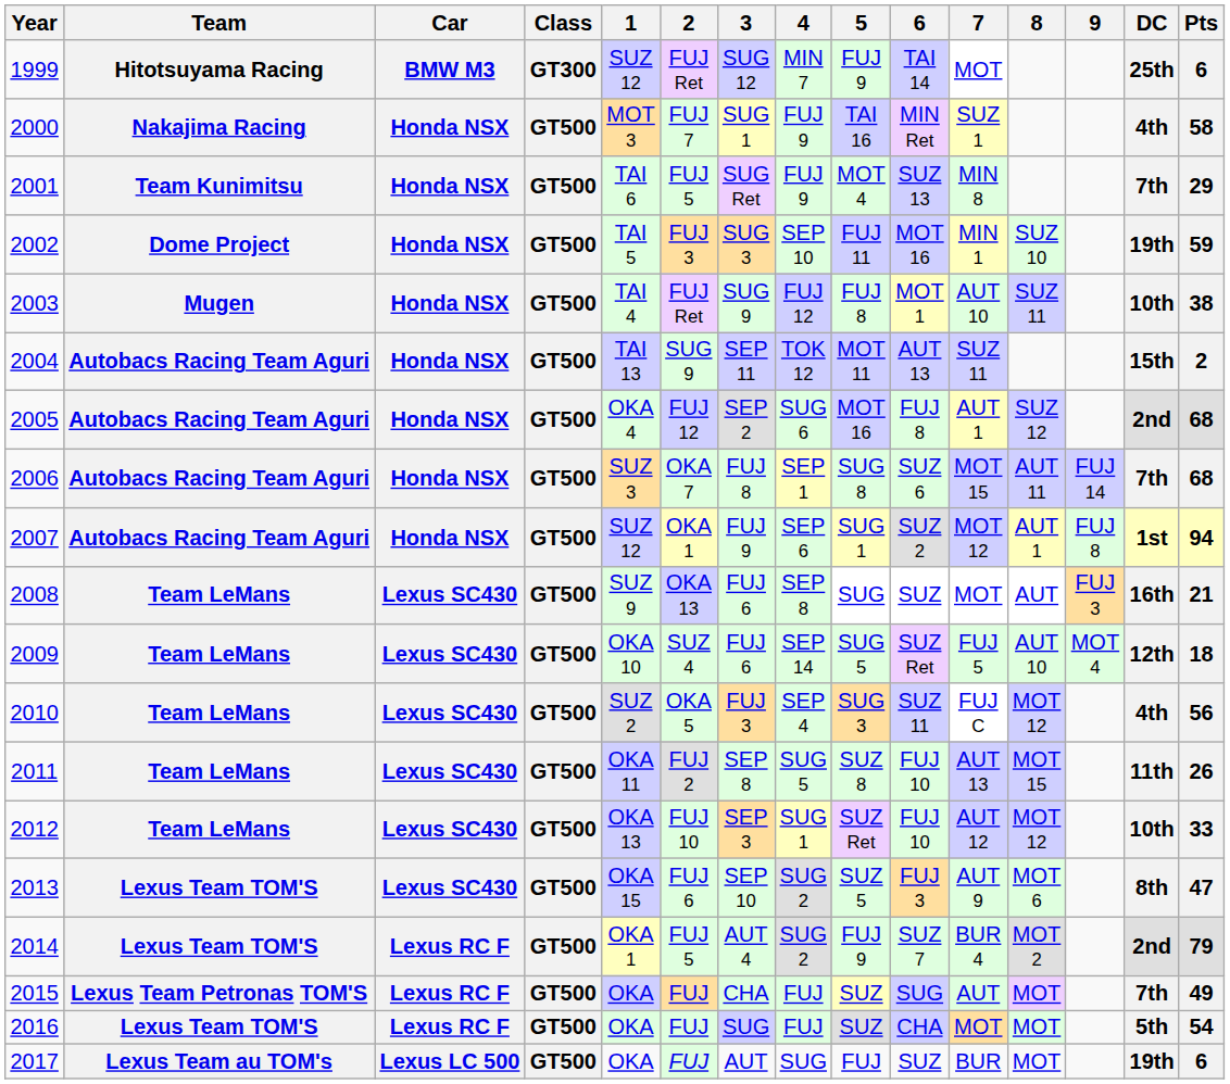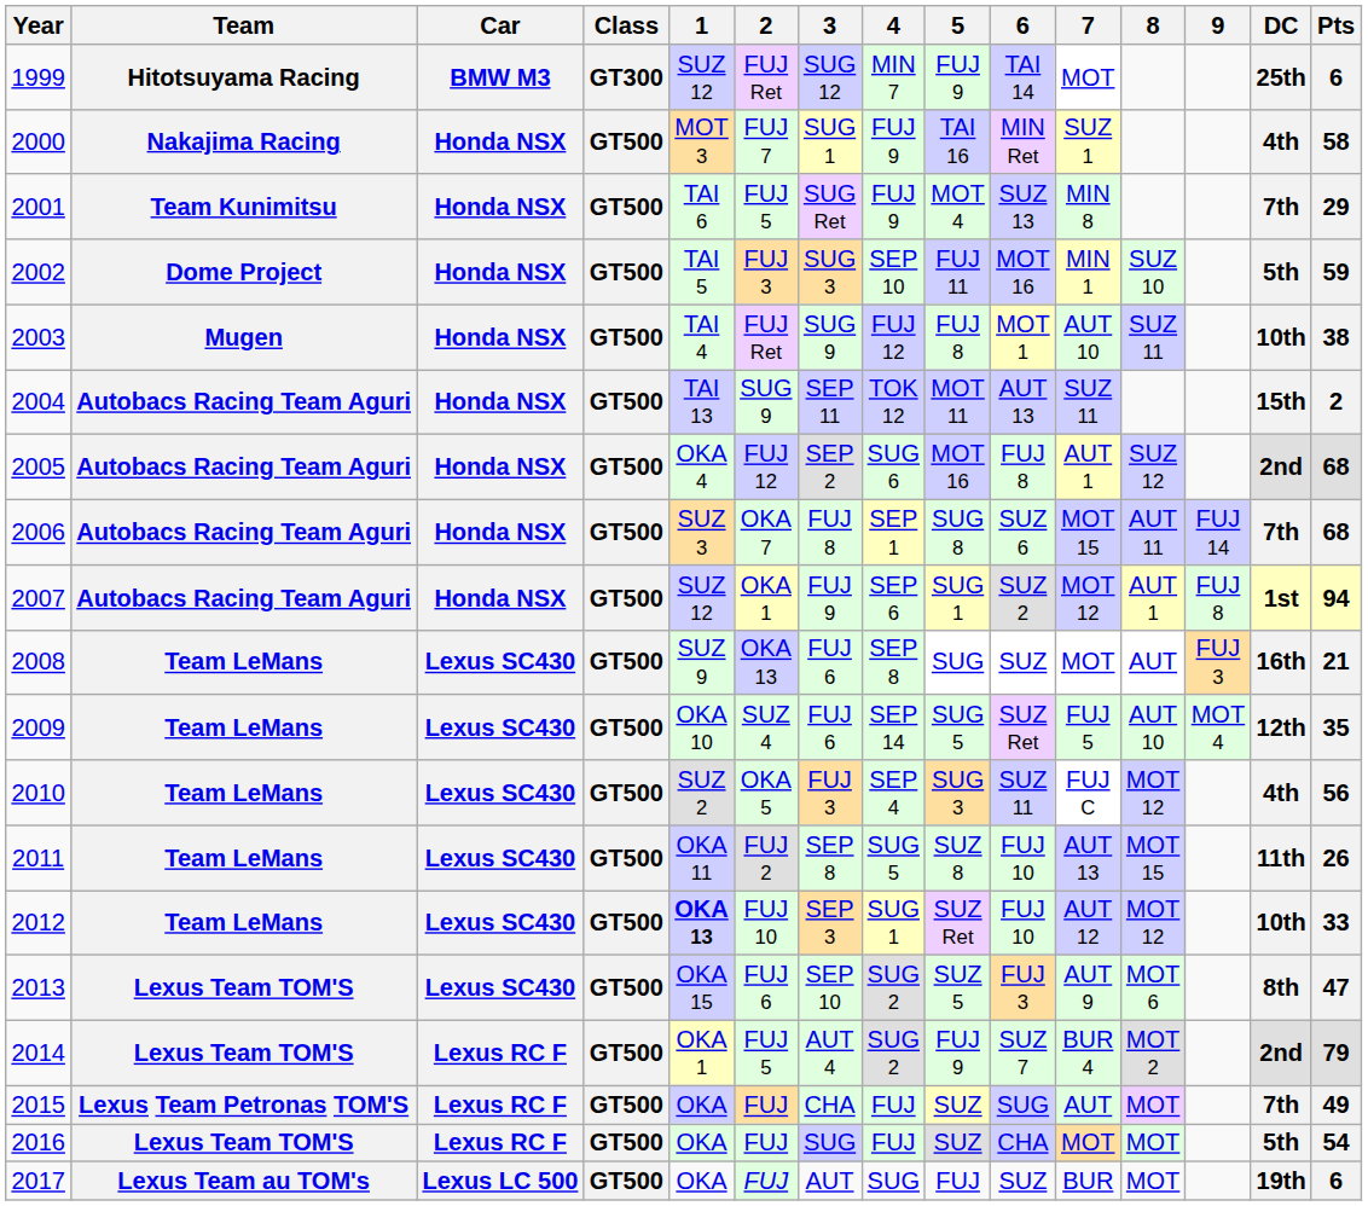 <table class="wikitable" style="text-align:center; font-size:90%">
 <tr>
 <th>Year</th>
 <th>Team</th>
 <th>Car</th>
 <th>Class</th>
 <th>1</th>
 <th>2</th>
 <th>3</th>
 <th>4</th>
 <th>5</th>
 <th>6</th>
 <th>7</th>
 <th>8</th>
 <th>9</th>
 <th>DC</th>
 <th>Pts</th>
 </tr>
 <tr>
 <td><a href='#'>1999</a></td>
 <th>Hitotsuyama Racing</th>
 <th><a href='#'>BMW M3</a></th>
 <th>GT300</th>
 <td style="background:#CFCFFF;"><a href='#'>SUZ</a><br><small>12</small></td>
 <td style="background:#EFCFFF;"><a href='#'>FUJ</a><br><small>Ret</small></td>
 <td style="background:#CFCFFF;"><a href='#'>SUG</a><br><small>12</small></td>
 <td style="background:#DFFFDF;"><a href='#'>MIN</a><br><small>7</small></td>
 <td style="background:#DFFFDF;"><a href='#'>FUJ</a><br><small>9</small></td>
 <td style="background:#CFCFFF;"><a href='#'>TAI</a><br><small>14</small></td>
 <td style="background:#FFFFFF;"><a href='#'>MOT</a><br><small></small></td>
 <td></td>
 <td></td>
 <th>25th</th>
 <th>6</th>
 </tr>
 <tr>
 <td><a href='#'>2000</a></td>
 <th><a href='#'>Nakajima Racing</a></th>
 <th><a href='#'>Honda NSX</a></th>
 <th>GT500</th>
 <td style="background:#FFDF9F;"><a href='#'>MOT</a><br><small>3</small></td>
 <td style="background:#DFFFDF;"><a href='#'>FUJ</a><br><small>7</small></td>
 <td style="background:#FFFFBF;"><a href='#'>SUG</a><br><small>1</small></td>
 <td style="background:#DFFFDF;"><a href='#'>FUJ</a><br><small>9</small></td>
 <td style="background:#CFCFFF;"><a href='#'>TAI</a><br><small>16</small></td>
 <td style="background:#EFCFFF;"><a href='#'>MIN</a><br><small>Ret</small></td>
 <td style="background:#FFFFBF;"><a href='#'>SUZ</a><br><small>1</small></td>
 <td></td>
 <td></td>
 <th>4th</th>
 <th>58</th>
 </tr>
 <tr>
 <td><a href='#'>2001</a></td>
 <th><a href='#'>Team Kunimitsu</a></th>
 <th><a href='#'>Honda NSX</a></th>
 <th>GT500</th>
 <td style="background:#DFFFDF;"><a href='#'>TAI</a><br><small>6</small></td>
 <td style="background:#DFFFDF;"><a href='#'>FUJ</a><br><small>5</small></td>
 <td style="background:#EFCFFF;"><a href='#'>SUG</a><br><small>Ret</small></td>
 <td style="background:#DFFFDF;"><a href='#'>FUJ</a><br><small>9</small></td>
 <td style="background:#DFFFDF;"><a href='#'>MOT</a><br><small>4</small></td>
 <td style="background:#CFCFFF;"><a href='#'>SUZ</a><br><small>13</small></td>
 <td style="background:#DFFFDF;"><a href='#'>MIN</a><br><small>8</small></td>
 <td></td>
 <td></td>
 <th>7th</th>
 <th>29</th>
 </tr>
 <tr>
 <td><a href='#'>2002</a></td>
 <th><a href='#'>Dome Project</a></th>
 <th><a href='#'>Honda NSX</a></th>
 <th>GT500</th>
 <td style="background:#DFFFDF;"><a href='#'>TAI</a><br><small>5</small></td>
 <td style="background:#FFDF9F;"><a href='#'>FUJ</a><br><small>3</small></td>
 <td style="background:#FFDF9F;"><a href='#'>SUG</a><br><small>3</small></td>
 <td style="background:#DFFFDF;"><a href='#'>SEP</a><br><small>10</small></td>
 <td style="background:#CFCFFF;"><a href='#'>FUJ</a><br><small>11</small></td>
 <td style="background:#CFCFFF;"><a href='#'>MOT</a><br><small>16</small></td>
 <td style="background:#FFFFBF;"><a href='#'>MIN</a><br><small>1</small></td>
 <td style="background:#DFFFDF;"><a href='#'>SUZ</a><br><small>10</small></td>
 <td></td>
-<th>19th</th>
+<th>5th</th>
 <th>59</th>
 </tr>
 <tr>
 <td><a href='#'>2003</a></td>
 <th><a href='#'>Mugen</a></th>
 <th><a href='#'>Honda NSX</a></th>
 <th>GT500</th>
 <td style="background:#DFFFDF;"><a href='#'>TAI</a><br><small>4</small></td>
 <td style="background:#EFCFFF;"><a href='#'>FUJ</a><br><small>Ret</small></td>
 <td style="background:#DFFFDF;"><a href='#'>SUG</a><br><small>9</small></td>
 <td style="background:#CFCFFF;"><a href='#'>FUJ</a><br><small>12</small></td>
 <td style="background:#DFFFDF;"><a href='#'>FUJ</a><br><small>8</small></td>
 <td style="background:#FFFFBF;"><a href='#'>MOT</a><br><small>1</small></td>
 <td style="background:#DFFFDF;"><a href='#'>AUT</a><br><small>10</small></td>
 <td style="background:#CFCFFF;"><a href='#'>SUZ</a><br><small>11</small></td>
 <td></td>
 <th>10th</th>
 <th>38</th>
 </tr>
 <tr>
 <td><a href='#'>2004</a></td>
 <th><a href='#'>Autobacs Racing Team Aguri</a></th>
 <th><a href='#'>Honda NSX</a></th>
 <th>GT500</th>
 <td style="background:#CFCFFF;"><a href='#'>TAI</a><br><small>13</small></td>
 <td style="background:#DFFFDF;"><a href='#'>SUG</a><br><small>9</small></td>
 <td style="background:#CFCFFF;"><a href='#'>SEP</a><br><small>11</small></td>
 <td style="background:#CFCFFF;"><a href='#'>TOK</a><br><small>12</small></td>
 <td style="background:#CFCFFF;"><a href='#'>MOT</a><br><small>11</small></td>
 <td style="background:#CFCFFF;"><a href='#'>AUT</a><br><small>13</small></td>
 <td style="background:#CFCFFF;"><a href='#'>SUZ</a><br><small>11</small></td>
 <td></td>
 <td></td>
 <th>15th</th>
 <th>2</th>
 </tr>
 <tr>
 <td><a href='#'>2005</a></td>
 <th><a href='#'>Autobacs Racing Team Aguri</a></th>
 <th><a href='#'>Honda NSX</a></th>
 <th>GT500</th>
 <td style="background:#DFFFDF;"><a href='#'>OKA</a><br><small>4</small></td>
 <td style="background:#CFCFFF;"><a href='#'>FUJ</a><br><small>12</small></td>
 <td style="background:#DFDFDF;"><a href='#'>SEP</a><br><small>2</small></td>
 <td style="background:#DFFFDF;"><a href='#'>SUG</a><br><small>6</small></td>
 <td style="background:#CFCFFF;"><a href='#'>MOT</a><br><small>16</small></td>
 <td style="background:#DFFFDF;"><a href='#'>FUJ</a><br><small>8</small></td>
 <td style="background:#FFFFBF;"><a href='#'>AUT</a><br><small>1</small></td>
 <td style="background:#CFCFFF;"><a href='#'>SUZ</a><br><small>12</small></td>
 <td></td>
 <td style="background:#DFDFDF;"><strong>2nd</strong></td>
 <td style="background:#DFDFDF;"><strong>68</strong></td>
 </tr>
 <tr>
 <td><a href='#'>2006</a></td>
 <th><a href='#'>Autobacs Racing Team Aguri</a></th>
 <th><a href='#'>Honda NSX</a></th>
 <th>GT500</th>
 <td style="background:#FFDF9F;"><a href='#'>SUZ</a><br><small>3</small></td>
 <td style="background:#DFFFDF;"><a href='#'>OKA</a><br><small>7</small></td>
 <td style="background:#DFFFDF;"><a href='#'>FUJ</a><br><small>8</small></td>
 <td style="background:#FFFFBF;"><a href='#'>SEP</a><br><small>1</small></td>
 <td style="background:#DFFFDF;"><a href='#'>SUG</a><br><small>8</small></td>
 <td style="background:#DFFFDF;"><a href='#'>SUZ</a><br><small>6</small></td>
 <td style="background:#CFCFFF;"><a href='#'>MOT</a><br><small>15</small></td>
 <td style="background:#CFCFFF;"><a href='#'>AUT</a><br><small>11</small></td>
 <td style="background:#CFCFFF;"><a href='#'>FUJ</a><br><small>14</small></td>
 <th>7th</th>
 <th>68</th>
 </tr>
 <tr>
 <td><a href='#'>2007</a></td>
 <th><a href='#'>Autobacs Racing Team Aguri</a></th>
 <th><a href='#'>Honda NSX</a></th>
 <th>GT500</th>
 <td style="background:#CFCFFF;"><a href='#'>SUZ</a><br><small>12</small></td>
 <td style="background:#FFFFBF;"><a href='#'>OKA</a><br><small>1</small></td>
 <td style="background:#DFFFDF;"><a href='#'>FUJ</a><br><small>9</small></td>
 <td style="background:#DFFFDF;"><a href='#'>SEP</a><br><small>6</small></td>
 <td style="background:#FFFFBF;"><a href='#'>SUG</a><br><small>1</small></td>
 <td style="background:#DFDFDF;"><a href='#'>SUZ</a><br><small>2</small></td>
 <td style="background:#CFCFFF;"><a href='#'>MOT</a><br><small>12</small></td>
 <td style="background:#FFFFBF;"><a href='#'>AUT</a><br><small>1</small></td>
 <td style="background:#DFFFDF;"><a href='#'>FUJ</a><br><small>8</small></td>
 <td style="background:#FFFFBF;"><strong>1st</strong></td>
 <td style="background:#FFFFBF;"><strong>94</strong></td>
 </tr>
 <tr>
 <td><a href='#'>2008</a></td>
 <th><a href='#'>Team LeMans</a></th>
 <th><a href='#'>Lexus SC430</a></th>
 <th>GT500</th>
 <td style="background:#DFFFDF;"><a href='#'>SUZ</a><br><small>9</small></td>
 <td style="background:#CFCFFF;"><a href='#'>OKA</a><br><small>13</small></td>
 <td style="background:#DFFFDF;"><a href='#'>FUJ</a><br><small>6</small></td>
 <td style="background:#DFFFDF;"><a href='#'>SEP</a><br><small>8</small></td>
 <td style="background:#FFFFFF;"><a href='#'>SUG</a><br><small></small></td>
 <td style="background:#FFFFFF;"><a href='#'>SUZ</a><br><small></small></td>
 <td style="background:#FFFFFF;"><a href='#'>MOT</a><br><small></small></td>
 <td style="background:#FFFFFF;"><a href='#'>AUT</a><br><small></small></td>
 <td style="background:#FFDF9F;"><a href='#'>FUJ</a><br><small>3</small></td>
 <th>16th</th>
 <th>21</th>
 </tr>
 <tr>
 <td><a href='#'>2009</a></td>
 <th><a href='#'>Team LeMans</a></th>
 <th><a href='#'>Lexus SC430</a></th>
 <th>GT500</th>
 <td style="background:#DFFFDF;"><a href='#'>OKA</a><br><small>10</small></td>
 <td style="background:#DFFFDF;"><a href='#'>SUZ</a><br><small>4</small></td>
 <td style="background:#DFFFDF;"><a href='#'>FUJ</a><br><small>6</small></td>
 <td style="background:#DFFFDF;"><a href='#'>SEP</a><br><small>14</small></td>
 <td style="background:#DFFFDF;"><a href='#'>SUG</a><br><small>5</small></td>
 <td style="background:#EFCFFF;"><a href='#'>SUZ</a><br><small>Ret</small></td>
 <td style="background:#DFFFDF;"><a href='#'>FUJ</a><br><small>5</small></td>
 <td style="background:#DFFFDF;"><a href='#'>AUT</a><br><small>10</small></td>
 <td style="background:#DFFFDF;"><a href='#'>MOT</a><br><small>4</small></td>
 <th>12th</th>
-<th>18</th>
+<th>35</th>
 </tr>
 <tr>
 <td><a href='#'>2010</a></td>
 <th><a href='#'>Team LeMans</a></th>
 <th><a href='#'>Lexus SC430</a></th>
 <th>GT500</th>
 <td style="background:#DFDFDF;"><a href='#'>SUZ</a><br><small>2</small></td>
 <td style="background:#DFFFDF;"><a href='#'>OKA</a><br><small>5</small></td>
 <td style="background:#FFDF9F;"><a href='#'>FUJ</a><br><small>3</small></td>
 <td style="background:#DFFFDF;"><a href='#'>SEP</a><br><small>4</small></td>
 <td style="background:#FFDF9F;"><a href='#'>SUG</a><br><small>3</small></td>
 <td style="background:#CFCFFF;"><a href='#'>SUZ</a><br><small>11</small></td>
 <td style="background:#FFFFFF;"><a href='#'>FUJ</a><br><small>C</small></td>
 <td style="background:#CFCFFF;"><a href='#'>MOT</a><br><small>12</small></td>
 <td></td>
 <th>4th</th>
 <th>56</th>
 </tr>
 <tr>
 <td><a href='#'>2011</a></td>
 <th><a href='#'>Team LeMans</a></th>
 <th><a href='#'>Lexus SC430</a></th>
 <th>GT500</th>
 <td style="background:#CFCFFF;"><a href='#'>OKA</a><br><small>11</small></td>
 <td style="background:#DFDFDF;"><a href='#'>FUJ</a><br><small>2</small></td>
 <td style="background:#DFFFDF;"><a href='#'>SEP</a><br><small>8</small></td>
 <td style="background:#DFFFDF;"><a href='#'>SUG</a><br><small>5</small></td>
 <td style="background:#DFFFDF;"><a href='#'>SUZ</a><br><small>8</small></td>
 <td style="background:#DFFFDF;"><a href='#'>FUJ</a><br><small>10</small></td>
 <td style="background:#CFCFFF;"><a href='#'>AUT</a><br><small>13</small></td>
 <td style="background:#CFCFFF;"><a href='#'>MOT</a><br><small>15</small></td>
 <td></td>
 <th>11th</th>
 <th>26</th>
 </tr>
 <tr>
 <td><a href='#'>2012</a></td>
 <th><a href='#'>Team LeMans</a></th>
 <th><a href='#'>Lexus SC430</a></th>
 <th>GT500</th>
-<td style="background:#CFCFFF;"><a href='#'>OKA</a><br><small>13</small></td>
+<td style="background:#CFCFFF;"><strong><a href='#'>OKA</a><br><small>13</small></strong></td>
 <td style="background:#DFFFDF;"><a href='#'>FUJ</a><br><small>10</small></td>
 <td style="background:#FFDF9F;"><a href='#'>SEP</a><br><small>3</small></td>
 <td style="background:#FFFFBF;"><a href='#'>SUG</a><br><small>1</small></td>
 <td style="background:#EFCFFF;"><a href='#'>SUZ</a><br><small>Ret</small></td>
 <td style="background:#DFFFDF;"><a href='#'>FUJ</a><br><small>10</small></td>
 <td style="background:#CFCFFF;"><a href='#'>AUT</a><br><small>12</small></td>
 <td style="background:#CFCFFF;"><a href='#'>MOT</a><br><small>12</small></td>
 <td></td>
 <th>10th</th>
 <th>33</th>
 </tr>
 <tr>
 <td><a href='#'>2013</a></td>
 <th><a href='#'>Lexus Team TOM'S</a></th>
 <th><a href='#'>Lexus SC430</a></th>
 <th>GT500</th>
 <td style="background:#CFCFFF;"><a href='#'>OKA</a><br><small>15</small></td>
 <td style="background:#DFFFDF;"><a href='#'>FUJ</a><br><small>6</small></td>
 <td style="background:#DFFFDF;"><a href='#'>SEP</a><br><small>10</small></td>
 <td style="background:#DFDFDF;"><a href='#'>SUG</a><br><small>2</small></td>
 <td style="background:#DFFFDF;"><a href='#'>SUZ</a><br><small>5</small></td>
 <td style="background:#FFDF9F;"><a href='#'>FUJ</a><br><small>3</small></td>
 <td style="background:#DFFFDF;"><a href='#'>AUT</a><br><small>9</small></td>
 <td style="background:#DFFFDF;"><a href='#'>MOT</a><br><small>6</small></td>
 <td></td>
 <th>8th</th>
 <th>47</th>
 </tr>
 <tr>
 <td><a href='#'>2014</a></td>
 <th><a href='#'>Lexus Team TOM'S</a></th>
 <th><a href='#'>Lexus RC F</a></th>
 <th>GT500</th>
 <td style="background:#FFFFBF;"><a href='#'>OKA</a><br><small>1</small></td>
 <td style="background:#DFFFDF;"><a href='#'>FUJ</a><br><small>5</small></td>
 <td style="background:#DFFFDF;"><a href='#'>AUT</a><br><small>4</small></td>
 <td style="background:#DFDFDF;"><a href='#'>SUG</a><br><small>2</small></td>
 <td style="background:#DFFFDF;"><a href='#'>FUJ</a><br><small>9</small></td>
 <td style="background:#DFFFDF;"><a href='#'>SUZ</a><br><small>7</small></td>
 <td style="background:#DFFFDF;"><a href='#'>BUR</a><br><small>4</small></td>
 <td style="background:#DFDFDF;"><a href='#'>MOT</a><br><small>2</small></td>
 <td></td>
 <th style="background:#DFDFDF;"><strong>2nd</strong></th>
 <th style="background:#DFDFDF;"><strong>79</strong></th>
 </tr>
 <tr>
 <td><a href='#'>2015</a></td>
 <th><a href='#'>Lexus</a> <a href='#'>Team Petronas</a> <a href='#'>TOM'S</a></th>
 <th><a href='#'>Lexus RC F</a></th>
 <th>GT500</th>
 <td style="background:#CFCFFF;"><a href='#'>OKA</a><br></td>
 <td style="background:#FFDF9F;"><a href='#'>FUJ</a><br></td>
 <td style="background:#DFFFDF;"><a href='#'>CHA</a><br></td>
 <td style="background:#DFFFDF;"><a href='#'>FUJ</a><br></td>
 <td style="background:#FFFFBF;"><a href='#'>SUZ</a><br></td>
 <td style="background:#CFCFFF;"><a href='#'>SUG</a><br></td>
 <td style="background:#DFFFDF;"><a href='#'>AUT</a><br></td>
 <td style="background:#EFCFFF;"><a href='#'>MOT</a><br></td>
 <td></td>
 <th>7th</th>
 <th>49</th>
 </tr>
 <tr>
 <td><a href='#'>2016</a></td>
 <th><a href='#'>Lexus Team TOM'S</a></th>
 <th><a href='#'>Lexus RC F</a></th>
 <th>GT500</th>
 <td style="background:#DFFFDF"><a href='#'>OKA</a><br></td>
 <td style="background:#DFFFDF"><a href='#'>FUJ</a><br></td>
 <td style="background:#CFCFFF"><a href='#'>SUG</a><br></td>
 <td style="background:#DFFFDF"><a href='#'>FUJ</a><br></td>
 <td style="background:#DFDFDF"><a href='#'>SUZ</a><br></td>
 <td style="background:#CFCFFF"><a href='#'>CHA</a><br></td>
 <td style="background:#FFDF9F"><a href='#'>MOT</a><br></td>
 <td style="background:#DFFFDF"><a href='#'>MOT</a><br></td>
 <td></td>
 <th>5th</th>
 <th>54</th>
 </tr>
 <tr>
 <td><a href='#'>2017</a></td>
 <th><a href='#'>Lexus Team au TOM's</a></th>
 <th><a href='#'>Lexus LC 500</a></th>
 <th>GT500</th>
 <td style="background:#;"><a href='#'>OKA</a><br></td>
 <td style="background:#DFFFDF;"><em><a href='#'>FUJ</a></em><br></td>
 <td style="background:#;"><a href='#'>AUT</a><br></td>
 <td style="background:#;"><a href='#'>SUG</a><br></td>
 <td style="background:#;"><a href='#'>FUJ</a><br></td>
 <td style="background:#;"><a href='#'>SUZ</a><br></td>
 <td style="background:#;"><a href='#'>BUR</a><br></td>
 <td style="background:#;"><a href='#'>MOT</a><br></td>
 <td></td>
 <th>19th</th>
 <th>6</th>
 </tr>
 </table>
